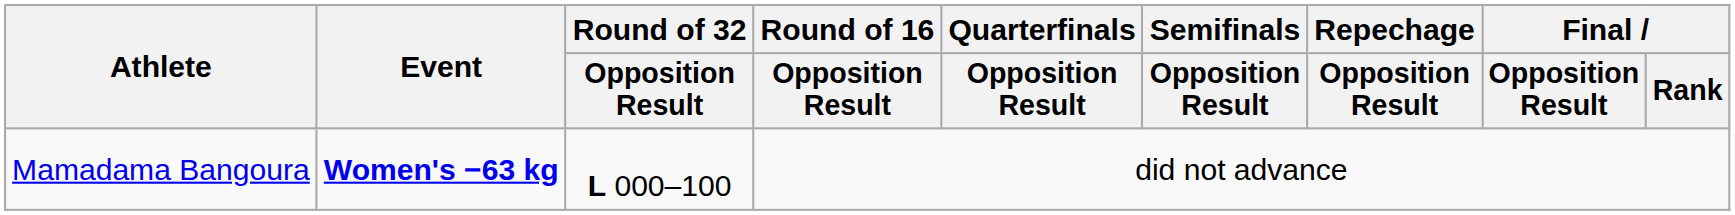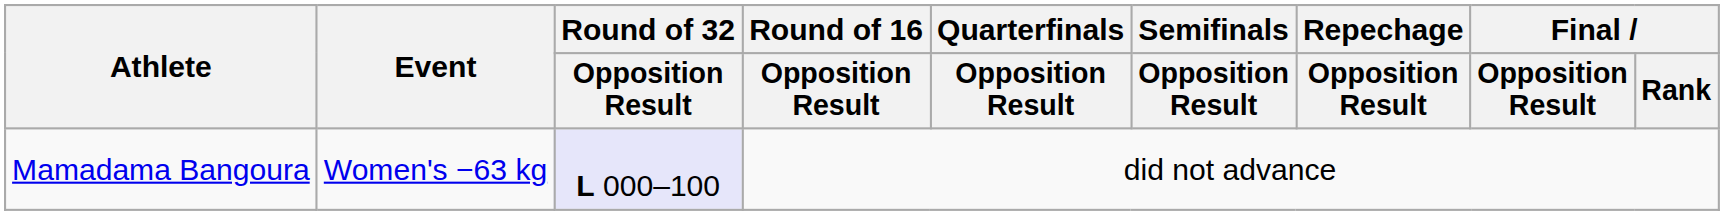 <table class="wikitable" style="font-size:90%">
 <tr>
 <th rowspan=2>Athlete</th>
 <th rowspan=2>Event</th>
 <th>Round of 32</th>
 <th>Round of 16</th>
 <th>Quarterfinals</th>
 <th>Semifinals</th>
 <th>Repechage</th>
 <th colspan=2>Final / </th>
 </tr>
 <tr style="font-size:95%">
 <th>Opposition<br>Result</th>
 <th>Opposition<br>Result</th>
 <th>Opposition<br>Result</th>
 <th>Opposition<br>Result</th>
 <th>Opposition<br>Result</th>
 <th>Opposition<br>Result</th>
 <th>Rank</th>
 </tr>
 <tr align=center>
 <td align=left><a href='#'>Mamadama Bangoura</a></td>
-<td align=left><strong><a href='#'>Women's −63 kg</a></strong></td>
-<td><br><strong>L</strong> 000–100</td>
+<td align=left><a href='#'>Women's −63 kg</a></td>
+<td style="background: lavender;"><br><strong>L</strong> 000–100</td>
 <td colspan=6>did not advance</td>
 </tr>
 </table>
